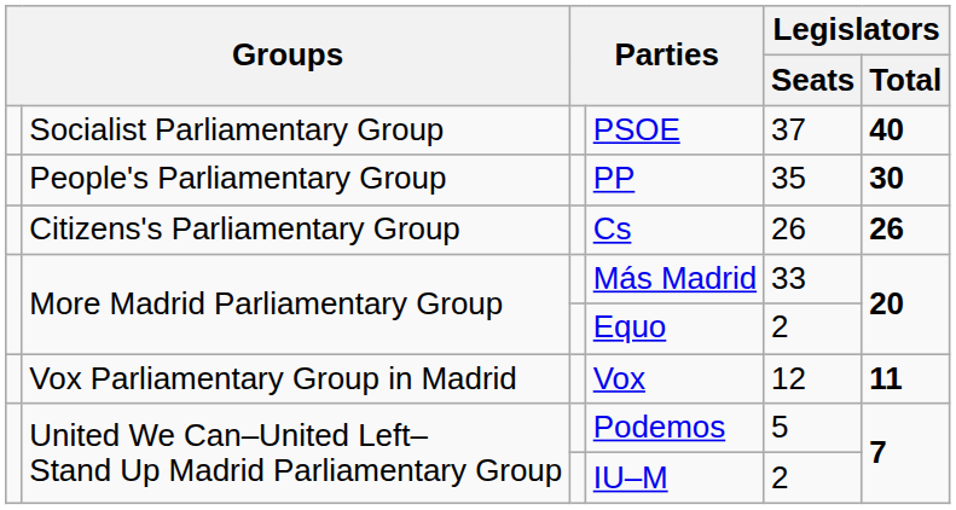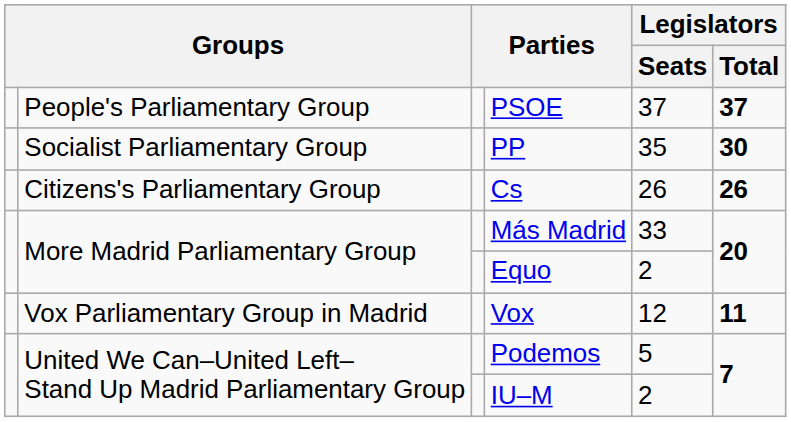 <table class="wikitable" style="text-align:left;">
 <tr>
 <th rowspan="2" colspan="2">Groups</th>
 <th rowspan="2" colspan="2">Parties</th>
 <th colspan="2">Legislators</th>
 </tr>
 <tr>
 <th>Seats</th>
 <th>Total</th>
 </tr>
 <tr>
 <td width="1" style="color:inherit;background:"></td>
-<td>Socialist Parliamentary Group</td>
+<td>People's Parliamentary Group</td>
 <td width="1" style="color:inherit;background:"></td>
 <td><a href='#'>PSOE</a></td>
 <td>37</td>
-<td><strong>40</strong></td>
+<td><strong>37</strong></td>
 </tr>
 <tr>
 <td style="color:inherit;background:"></td>
-<td>People's Parliamentary Group</td>
+<td>Socialist Parliamentary Group</td>
 <td style="color:inherit;background:"></td>
 <td><a href='#'>PP</a></td>
 <td>35</td>
 <td><strong>30</strong></td>
 </tr>
 <tr>
 <td style="color:inherit;background:"></td>
 <td>Citizens's Parliamentary Group</td>
 <td style="color:inherit;background:"></td>
 <td><a href='#'>Cs</a></td>
 <td>26</td>
 <td><strong>26</strong></td>
 </tr>
 <tr>
 <td rowspan="2" style="color:inherit;background:"></td>
 <td rowspan="2">More Madrid Parliamentary Group</td>
 <td style="color:inherit;background:"></td>
 <td><a href='#'>Más Madrid</a></td>
 <td>33</td>
 <td rowspan="2"><strong>20</strong></td>
 </tr>
 <tr>
 <td style="color:inherit;background:"></td>
 <td><a href='#'>Equo</a></td>
 <td>2</td>
 </tr>
 <tr>
 <td style="color:inherit;background:"></td>
 <td>Vox Parliamentary Group in Madrid</td>
 <td style="color:inherit;background:"></td>
 <td><a href='#'>Vox</a></td>
 <td>12</td>
 <td><strong>11</strong></td>
 </tr>
 <tr>
 <td rowspan="2" style="color:inherit;background:"></td>
 <td rowspan="2">United We Can–United Left–<br>Stand Up Madrid Parliamentary Group</td>
 <td style="color:inherit;background:"></td>
 <td><a href='#'>Podemos</a></td>
 <td>5</td>
 <td rowspan="2"><strong>7</strong></td>
 </tr>
 <tr>
 <td style="color:inherit;background:"></td>
 <td><a href='#'>IU–M</a></td>
 <td>2</td>
 </tr>
 </table>
